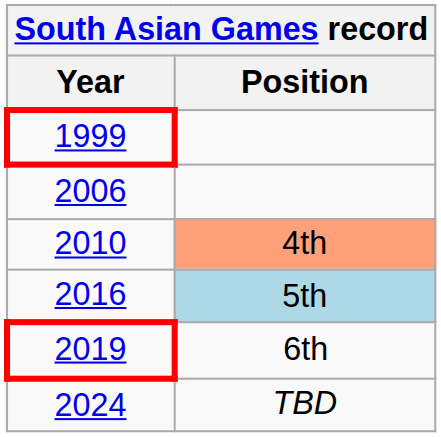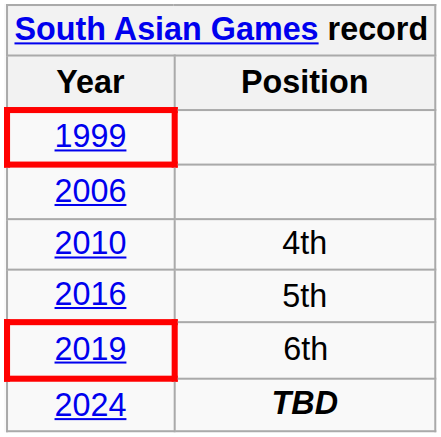 <table class="wikitable" style="text-align: center;">
 <tr>
 <th colspan=6><a href='#'>South Asian Games</a> record</th>
 </tr>
 <tr>
 <th>Year</th>
 <th>Position</th>
 </tr>
 <tr>
 <td style="border: 3px solid red"> <a href='#'>1999</a></td>
 <td></td>
 </tr>
 <tr>
 <td> <a href='#'>2006</a></td>
 <td></td>
 </tr>
 <tr>
 <td> <a href='#'>2010</a></td>
-<td style="background: lightsalmon;">4th</td>
+<td>4th</td>
 </tr>
 <tr>
 <td> <a href='#'>2016</a></td>
-<td style="background: lightblue;">5th</td>
+<td>5th</td>
 </tr>
 <tr>
 <td style="border: 3px solid red"> <a href='#'>2019</a></td>
 <td>6th</td>
 </tr>
 <tr>
 <td> <a href='#'>2024</a></td>
-<td><em>TBD</em></td>
+<td><strong><em>TBD</em></strong></td>
 </tr>
 </table>
